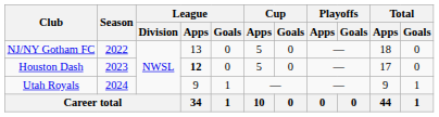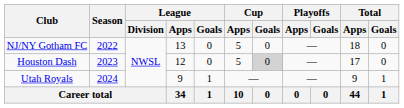 <table class="wikitable" style="text-align: center;">
 <tr>
 <th rowspan="2">Club</th>
 <th rowspan="2">Season</th>
 <th colspan="3">League</th>
 <th colspan="2">Cup</th>
 <th colspan="2">Playoffs</th>
 <th colspan="2">Total</th>
 </tr>
 <tr>
 <th>Division</th>
 <th>Apps</th>
 <th>Goals</th>
 <th>Apps</th>
 <th>Goals</th>
 <th>Apps</th>
 <th>Goals</th>
 <th>Apps</th>
 <th>Goals</th>
 </tr>
 <tr>
 <td><a href='#'>NJ/NY Gotham FC</a></td>
 <td><a href='#'>2022</a></td>
 <td rowspan="3"><a href='#'>NWSL</a></td>
 <td>13</td>
 <td>0</td>
 <td>5</td>
 <td>0</td>
 <td colspan="2">—</td>
 <td>18</td>
 <td>0</td>
 </tr>
 <tr>
 <td><a href='#'>Houston Dash</a></td>
 <td><a href='#'>2023</a></td>
-<td><strong>12</strong></td>
+<td>12</td>
 <td>0</td>
 <td>5</td>
-<td>0</td>
+<td style="background: lightgrey;">0</td>
 <td colspan="2">—</td>
 <td>17</td>
 <td>0</td>
 </tr>
 <tr>
 <td><a href='#'>Utah Royals</a></td>
 <td><a href='#'>2024</a></td>
 <td>9</td>
 <td>1</td>
 <td colspan="2">—</td>
 <td colspan="2">—</td>
 <td>9</td>
 <td>1</td>
 </tr>
 <tr>
 <th colspan="3">Career total</th>
 <th>34</th>
 <th>1</th>
 <th>10</th>
 <th>0</th>
 <th>0</th>
 <th>0</th>
 <th>44</th>
 <th>1</th>
 </tr>
 </table>
